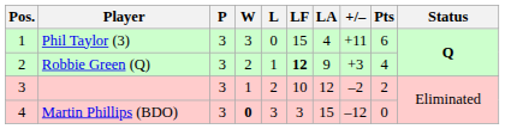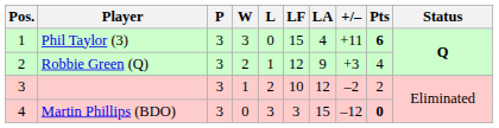 <table class="wikitable" style="text-align:center; margin: 1em auto 1em auto, align:left">
 <tr>
 <th width=20>Pos.</th>
 <th width=175>Player</th>
 <th width=20>P</th>
 <th width=20>W</th>
 <th width=20>L</th>
 <th width=20>LF</th>
 <th width=20>LA</th>
 <th width=25>+/–</th>
 <th width=20>Pts</th>
 <th width=100>Status</th>
 </tr>
 <tr style="background:#CCFFCC;">
 <td>1</td>
 <td style="text-align:left;"> <a href='#'>Phil Taylor</a> (3)</td>
 <td>3</td>
 <td>3</td>
 <td>0</td>
 <td>15</td>
 <td>4</td>
 <td>+11</td>
-<td>6</td>
+<td><strong>6</strong></td>
 <td rowspan=2><strong>Q</strong></td>
 </tr>
 <tr style="background:#CCFFCC;">
 <td>2</td>
 <td style="text-align:left;"> <a href='#'>Robbie Green</a> (Q)</td>
 <td>3</td>
 <td>2</td>
 <td>1</td>
-<td><strong>12</strong></td>
+<td>12</td>
 <td>9</td>
 <td>+3</td>
 <td>4</td>
 </tr>
 <tr style="background:#FFCCCC;">
 <td>3</td>
 <td style="text-align:left;"></td>
 <td>3</td>
 <td>1</td>
 <td>2</td>
 <td>10</td>
 <td>12</td>
 <td>–2</td>
 <td>2</td>
 <td rowspan=2>Eliminated</td>
 </tr>
 <tr style="background:#FFCCCC;">
 <td>4</td>
 <td style="text-align:left;"> <a href='#'>Martin Phillips</a> (BDO)</td>
 <td>3</td>
-<td><strong>0</strong></td>
+<td>0</td>
 <td>3</td>
 <td>3</td>
 <td>15</td>
 <td>–12</td>
-<td>0</td>
+<td><strong>0</strong></td>
 </tr>
 </table>
